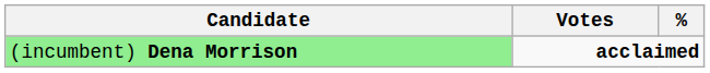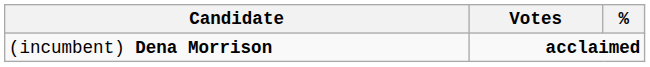 <table style="width:475px;" class="wikitable">
 <tr>
 <th align="center">Candidate</th>
 <th align="center">Votes</th>
 <th align="center">%</th>
 </tr>
 <tr>
-<td align="left" style="background: lightgreen;">(incumbent) <strong>Dena Morrison</strong></td>
+<td align="left">(incumbent) <strong>Dena Morrison</strong></td>
 <td align="right" colspan="2"><strong>acclaimed</strong></td>
 </tr>
 </table>
